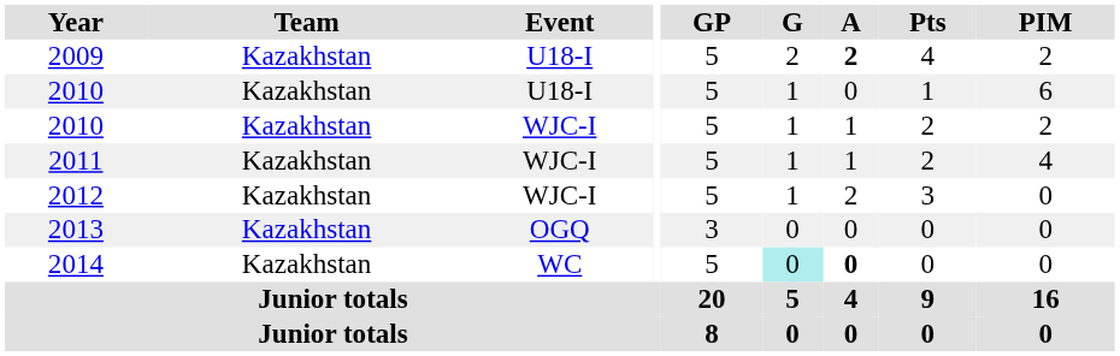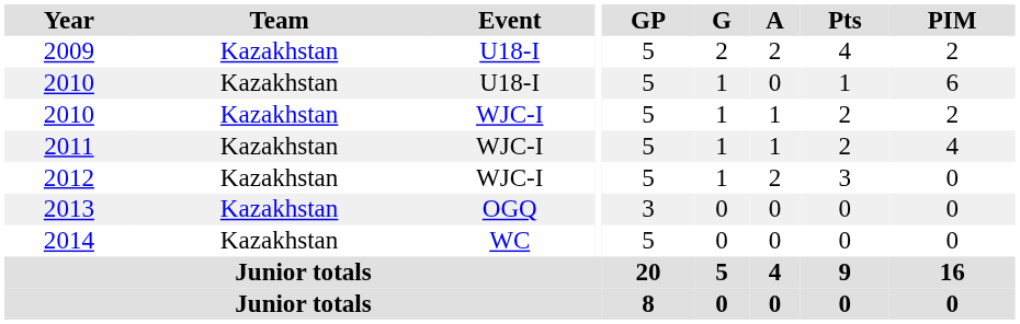 <table border="0" cellpadding="1" cellspacing="0" ID="Table3" style="text-align:center; width:40em">
 <tr bgcolor="#e0e0e0">
 <th>Year</th>
 <th>Team</th>
 <th>Event</th>
 <th rowspan="102" bgcolor="#ffffff"></th>
 <th>GP</th>
 <th>G</th>
 <th>A</th>
 <th>Pts</th>
 <th>PIM</th>
 </tr>
 <tr>
 <td><a href='#'>2009</a></td>
 <td><a href='#'>Kazakhstan</a></td>
 <td><a href='#'>U18-I</a></td>
 <td>5</td>
 <td>2</td>
-<td><strong>2</strong></td>
+<td>2</td>
 <td>4</td>
 <td>2</td>
 </tr>
 <tr bgcolor="#f0f0f0">
 <td><a href='#'>2010</a></td>
 <td>Kazakhstan</td>
 <td>U18-I</td>
 <td>5</td>
 <td>1</td>
 <td>0</td>
 <td>1</td>
 <td>6</td>
 </tr>
 <tr>
 <td><a href='#'>2010</a></td>
 <td><a href='#'>Kazakhstan</a></td>
 <td><a href='#'>WJC-I</a></td>
 <td>5</td>
 <td>1</td>
 <td>1</td>
 <td>2</td>
 <td>2</td>
 </tr>
 <tr bgcolor="#f0f0f0">
 <td><a href='#'>2011</a></td>
 <td>Kazakhstan</td>
 <td>WJC-I</td>
 <td>5</td>
 <td>1</td>
 <td>1</td>
 <td>2</td>
 <td>4</td>
 </tr>
 <tr>
 <td><a href='#'>2012</a></td>
 <td>Kazakhstan</td>
 <td>WJC-I</td>
 <td>5</td>
 <td>1</td>
 <td>2</td>
 <td>3</td>
 <td>0</td>
 </tr>
 <tr bgcolor="#f0f0f0">
 <td><a href='#'>2013</a></td>
 <td><a href='#'>Kazakhstan</a></td>
 <td><a href='#'>OGQ</a></td>
 <td>3</td>
 <td>0</td>
 <td>0</td>
 <td>0</td>
 <td>0</td>
 </tr>
 <tr>
 <td><a href='#'>2014</a></td>
 <td>Kazakhstan</td>
 <td><a href='#'>WC</a></td>
 <td>5</td>
-<td style="background: paleturquoise;">0</td>
-<td><strong>0</strong></td>
+<td>0</td>
+<td>0</td>
 <td>0</td>
 <td>0</td>
 </tr>
 <tr bgcolor="#e0e0e0">
 <th colspan="4">Junior totals</th>
 <th>20</th>
 <th>5</th>
 <th>4</th>
 <th>9</th>
 <th>16</th>
 </tr>
 <tr bgcolor="#e0e0e0">
 <th colspan="4">Junior totals</th>
 <th>8</th>
 <th>0</th>
 <th>0</th>
 <th>0</th>
 <th>0</th>
 </tr>
 </table>
